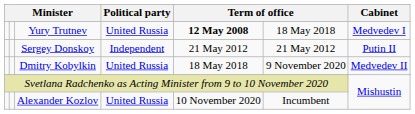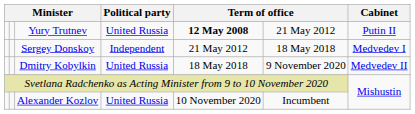 <table class="wikitable" style="text-align:center;">
 <tr>
 <th colspan=3>Minister</th>
 <th>Political party</th>
 <th colspan=2>Term of office</th>
 <th>Cabinet</th>
 </tr>
 <tr>
 <td style="background: "></td>
 <td></td>
 <td><a href='#'>Yury Trutnev</a></td>
 <td><a href='#'>United Russia</a></td>
 <td><strong>12 May 2008</strong></td>
-<td>18 May 2018</td>
-<td><a href='#'>Medvedev I</a></td>
+<td>21 May 2012</td>
+<td><a href='#'>Putin II</a></td>
 </tr>
 <tr>
 <td style="background: "></td>
 <td></td>
 <td><a href='#'>Sergey Donskoy</a></td>
 <td><a href='#'>Independent</a></td>
 <td>21 May 2012</td>
-<td>21 May 2012</td>
-<td><a href='#'>Putin II</a></td>
+<td>18 May 2018</td>
+<td><a href='#'>Medvedev I</a></td>
 </tr>
 <tr>
 <td rowspan=2 style="background: "></td>
 <td rowspan=2></td>
 <td rowspan=2><a href='#'>Dmitry Kobylkin</a></td>
 <td rowspan=2><a href='#'>United Russia</a></td>
 <td rowspan=2>18 May 2018</td>
 <td rowspan=2>9 November 2020</td>
 <td><a href='#'>Medvedev II</a></td>
 </tr>
 <tr>
 <td rowspan=3><a href='#'>Mishustin</a></td>
 </tr>
 <tr bgcolor=#E6E6AA>
 <td colspan=6><em>Svetlana Radchenko as Acting Minister from 9 to 10 November 2020</em></td>
 </tr>
 <tr>
 <td style="background: "></td>
 <td></td>
 <td><a href='#'>Alexander Kozlov</a></td>
 <td><a href='#'>United Russia</a></td>
 <td>10 November 2020</td>
 <td>Incumbent</td>
 </tr>
 </table>
